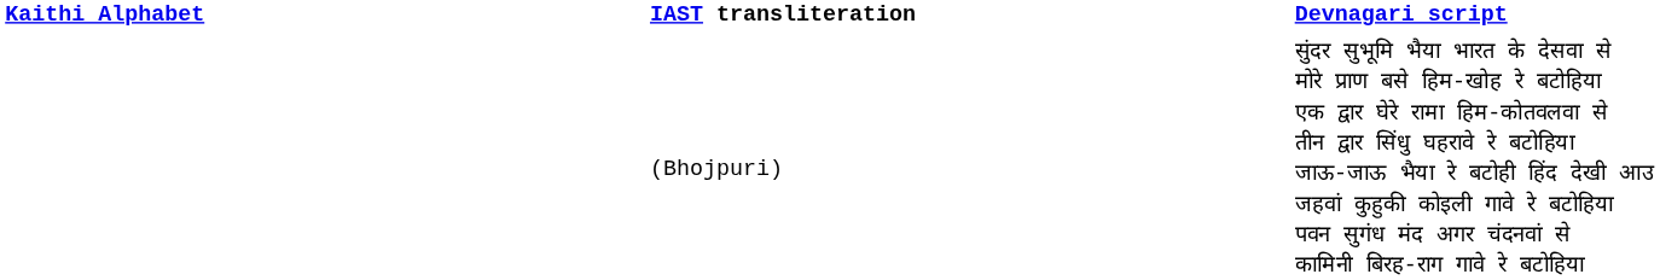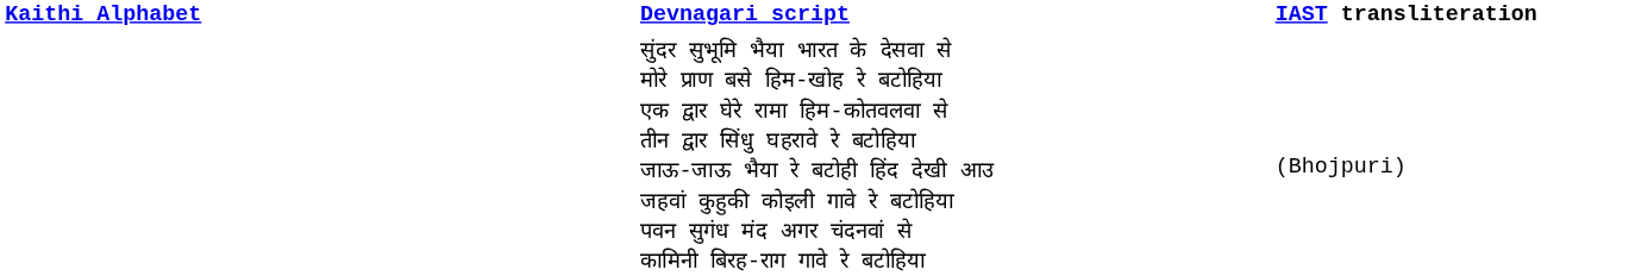 <table style="width: 90%;">
 <tr style="text-align: left;">
 <th style="width: 30%;"><a href='#'>Kaithi Alphabet</a></th>
+<th style="width: 30%;"><a href='#'>Devnagari script</a></th>
 <th style="width: 30%;"><a href='#'>IAST</a> transliteration</th>
-<th style="width: 30%;"><a href='#'>Devnagari script</a></th>
 </tr>
 <tr>
 <td></td>
+<td>सुंदर सुभूमि भैया भारत के देसवा से<br>मोरे प्राण बसे हिम-खोह रे बटोहिया<br>एक द्वार घेरे रामा हिम-कोतवलवा से<br>तीन द्वार सिंधु घहरावे रे बटोहिया<br>जाऊ-जाऊ भैया रे बटोही हिंद देखी आउ<br>जहवां कुहुकी कोइली गावे रे बटोहिया<br>पवन सुगंध मंद अगर चंदनवां से<br>कामिनी बिरह-राग गावे रे बटोहिया</td>
 <td><br> (Bhojpuri)</td>
-<td>सुंदर सुभूमि भैया भारत के देसवा से<br>मोरे प्राण बसे हिम-खोह रे बटोहिया<br>एक द्वार घेरे रामा हिम-कोतवलवा से<br>तीन द्वार सिंधु घहरावे रे बटोहिया<br>जाऊ-जाऊ भैया रे बटोही हिंद देखी आउ<br>जहवां कुहुकी कोइली गावे रे बटोहिया<br>पवन सुगंध मंद अगर चंदनवां से<br>कामिनी बिरह-राग गावे रे बटोहिया</td>
 </tr>
 </table>
